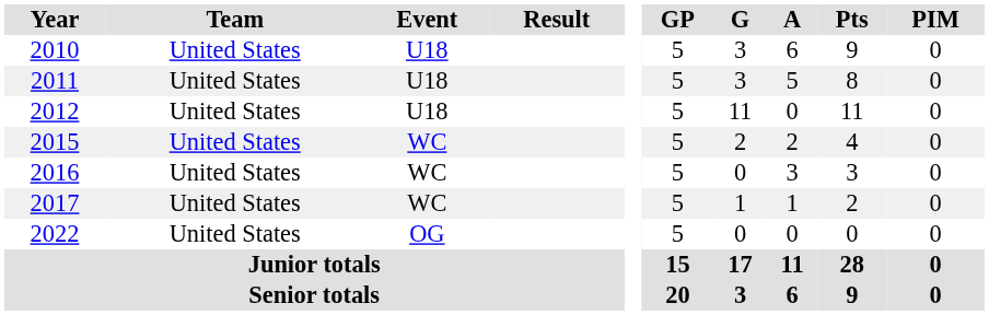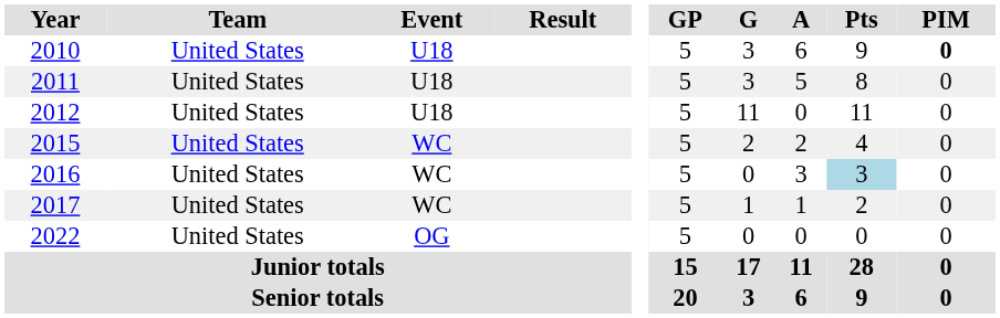 <table border="0" cellpadding="1" cellspacing="0" style="text-align:center; width:40em">
 <tr ALIGN="centre" bgcolor="#e0e0e0">
 <th>Year</th>
 <th>Team</th>
 <th>Event</th>
 <th>Result</th>
 <th rowspan="97" bgcolor="#ffffff"> </th>
 <th>GP</th>
 <th>G</th>
 <th>A</th>
 <th>Pts</th>
 <th>PIM</th>
 </tr>
 <tr>
 <td><a href='#'>2010</a></td>
 <td><a href='#'>United States</a></td>
 <td><a href='#'>U18</a></td>
 <td></td>
 <td>5</td>
 <td>3</td>
 <td>6</td>
 <td>9</td>
-<td>0</td>
+<td><strong>0</strong></td>
 </tr>
 <tr bgcolor="f0f0f0">
 <td><a href='#'>2011</a></td>
 <td>United States</td>
 <td>U18</td>
 <td></td>
 <td>5</td>
 <td>3</td>
 <td>5</td>
 <td>8</td>
 <td>0</td>
 </tr>
 <tr>
 <td><a href='#'>2012</a></td>
 <td>United States</td>
 <td>U18</td>
 <td></td>
 <td>5</td>
 <td>11</td>
 <td>0</td>
 <td>11</td>
 <td>0</td>
 </tr>
 <tr bgcolor="f0f0f0">
 <td><a href='#'>2015</a></td>
 <td><a href='#'>United States</a></td>
 <td><a href='#'>WC</a></td>
 <td></td>
 <td>5</td>
 <td>2</td>
 <td>2</td>
 <td>4</td>
 <td>0</td>
 </tr>
 <tr>
 <td><a href='#'>2016</a></td>
 <td>United States</td>
 <td>WC</td>
 <td></td>
 <td>5</td>
 <td>0</td>
 <td>3</td>
-<td>3</td>
+<td style="background: lightblue;">3</td>
 <td>0</td>
 </tr>
 <tr bgcolor="f0f0f0">
 <td><a href='#'>2017</a></td>
 <td>United States</td>
 <td>WC</td>
 <td></td>
 <td>5</td>
 <td>1</td>
 <td>1</td>
 <td>2</td>
 <td>0</td>
 </tr>
 <tr>
 <td><a href='#'>2022</a></td>
 <td>United States</td>
 <td><a href='#'>OG</a></td>
 <td></td>
 <td>5</td>
 <td>0</td>
 <td>0</td>
 <td>0</td>
 <td>0</td>
 </tr>
 <tr ALIGN="centre" bgcolor="#e0e0e0">
 <th colspan=4>Junior totals</th>
 <th>15</th>
 <th>17</th>
 <th>11</th>
 <th>28</th>
 <th>0</th>
 </tr>
 <tr ALIGN="centre" bgcolor="#e0e0e0">
 <th colspan=4>Senior totals</th>
 <th>20</th>
 <th>3</th>
 <th>6</th>
 <th>9</th>
 <th>0</th>
 </tr>
 </table>
